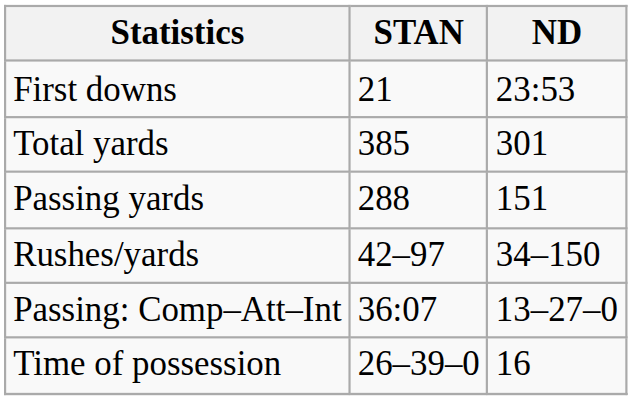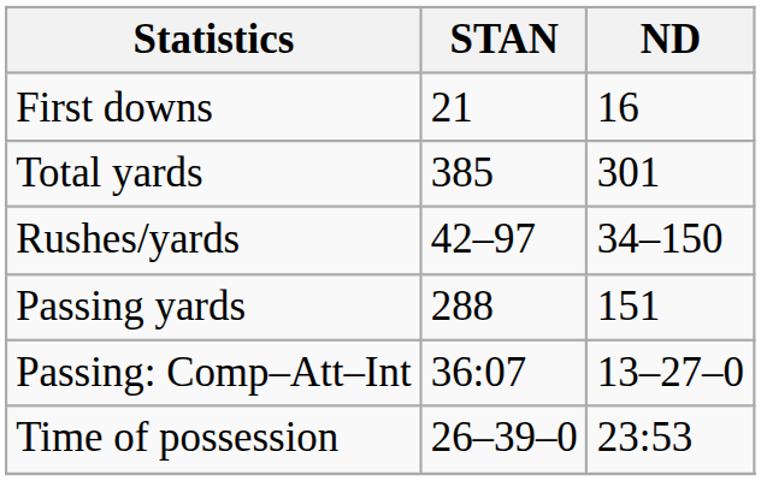 <table class="wikitable" style="float: left;">
 <tr>
 <th>Statistics</th>
 <th>STAN</th>
 <th>ND</th>
 </tr>
 <tr>
 <td>First downs</td>
 <td>21</td>
-<td>23:53</td>
+<td>16</td>
 </tr>
 <tr>
 <td>Total yards</td>
 <td>385</td>
 <td>301</td>
 </tr>
 <tr>
+<td>Rushes/yards</td>
+<td>42–97</td>
+<td>34–150</td>
+</tr>
+<tr>
 <td>Passing yards</td>
 <td>288</td>
 <td>151</td>
-</tr>
-<tr>
-<td>Rushes/yards</td>
-<td>42–97</td>
-<td>34–150</td>
 </tr>
 <tr>
 <td>Passing: Comp–Att–Int</td>
 <td>36:07</td>
 <td>13–27–0</td>
 </tr>
 <tr>
 <td>Time of possession</td>
 <td>26–39–0</td>
-<td>16</td>
+<td>23:53</td>
 </tr>
 <tr>
 </tr>
 </table>
